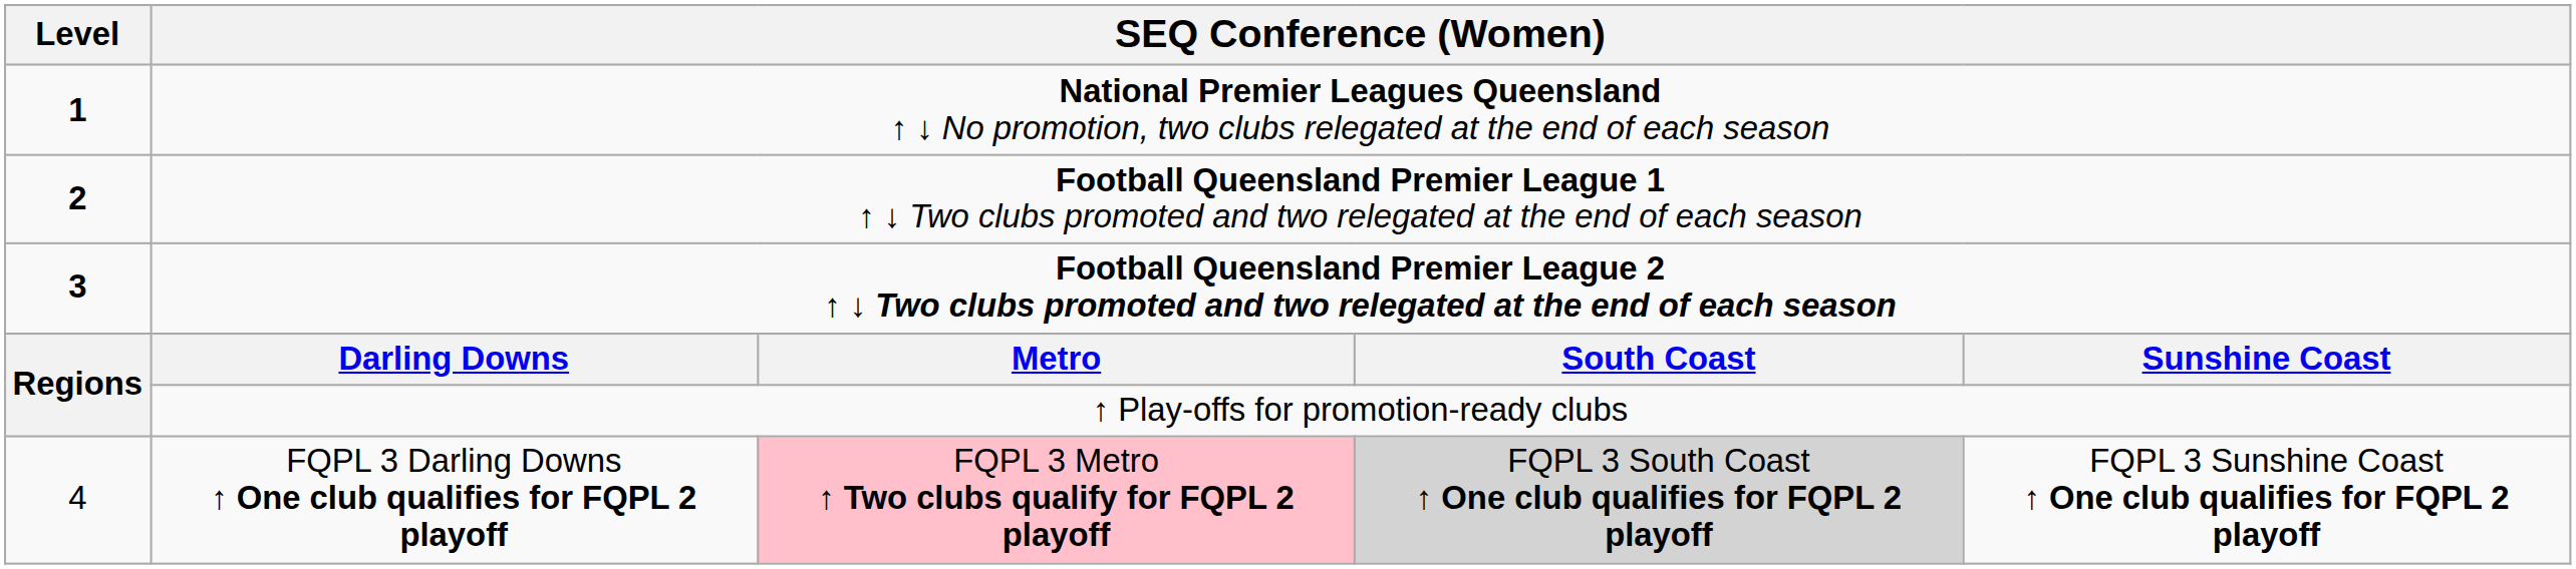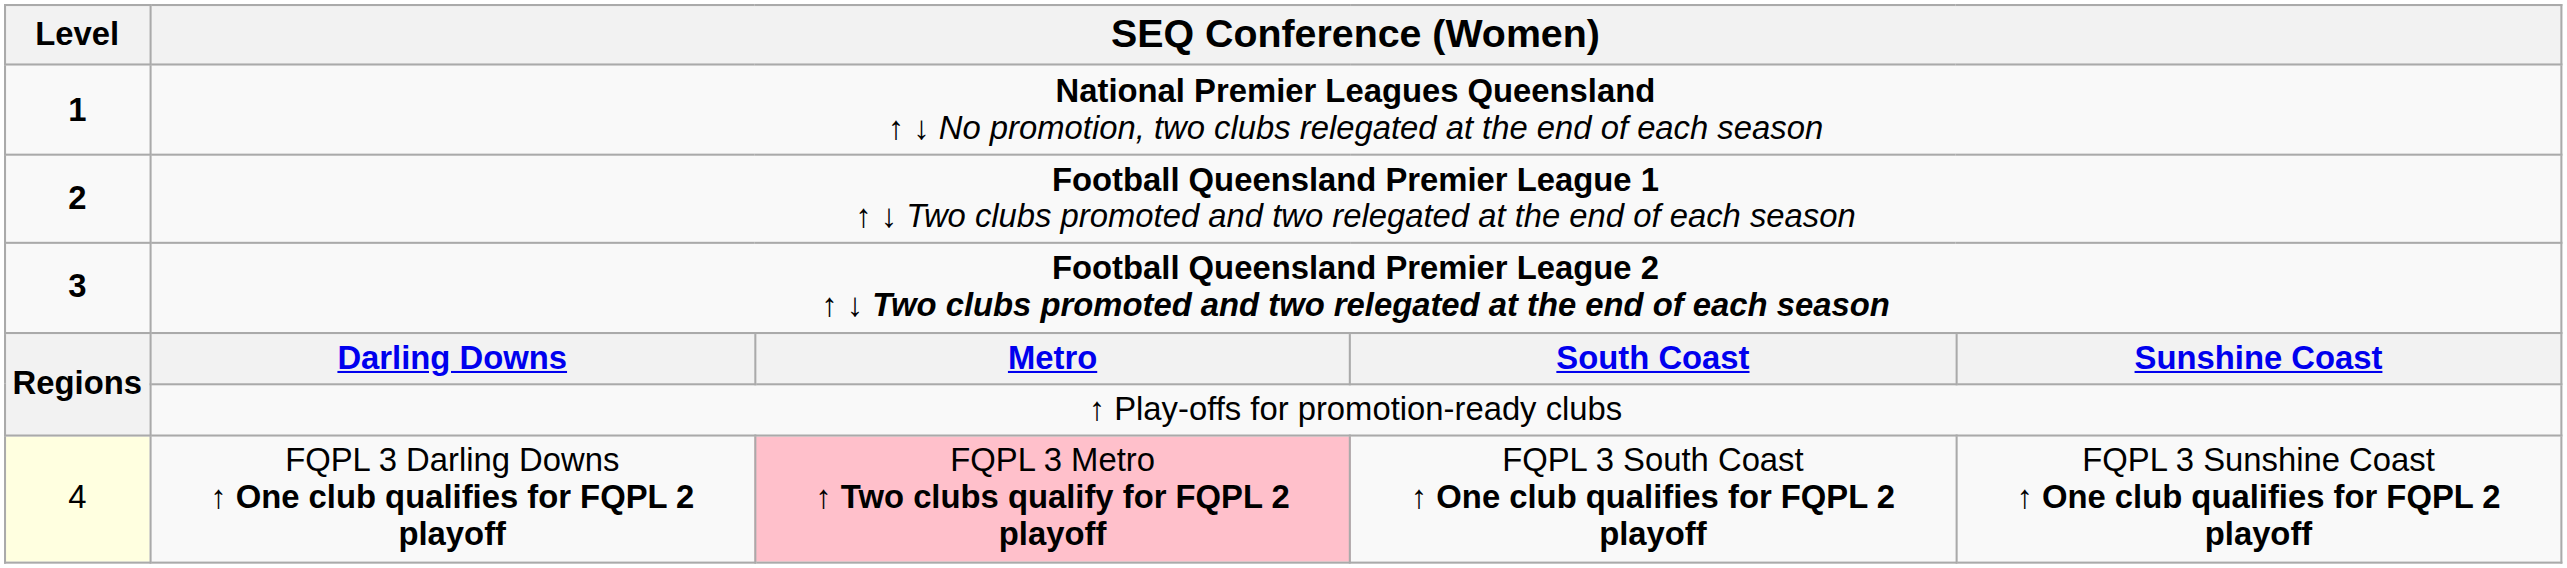 <table class="wikitable" style="text-align: center; width="100%;">
 <tr>
 <th>Level</th>
 <th colspan="4"> <strong><big>SEQ Conference (Women)</big></strong></th>
 </tr>
 <tr>
 <td><strong>1</strong></td>
 <td colspan="4"><strong>National Premier Leagues Queensland</strong><br><em>↑ ↓ No promotion, two clubs relegated at the end of each season</em></td>
 </tr>
 <tr>
 <td><strong>2</strong></td>
 <td colspan="4"><strong>Football Queensland Premier League 1</strong><br><em>↑ ↓ Two clubs promoted and two relegated at the end of each season</em></td>
 </tr>
 <tr>
 <td><strong>3</strong></td>
 <td colspan="4"><strong>Football Queensland Premier League 2<strong><em><br>↑ ↓ Two clubs promoted and two relegated at the end of each season<em></td>
 </tr>
 <tr>
 <th rowspan="2">Regions</th>
 <th></strong><a href='#'>Darling Downs</a><strong></th>
 <th></strong><a href='#'>Metro</a><strong></th>
 <th></strong><a href='#'>South Coast</a><strong></th>
 <th></strong><a href='#'>Sunshine Coast</a><strong></th>
 </tr>
 <tr>
 <td colspan="4"></em>↑ Play-offs for promotion-ready clubs<em></td>
 </tr>
 <tr>
-<td></strong>4<strong></td>
+<td style="background: lightyellow;"></strong>4<strong></td>
 <td></strong>FQPL 3 Darling Downs<strong><br> </em>↑ One club qualifies for FQPL 2 playoff<em></td>
 <td style="background: pink;"></strong>FQPL 3 Metro<strong> <br></em>↑ Two clubs qualify for FQPL 2 playoff<em></td>
-<td style="background: lightgrey;"></strong>FQPL 3 South Coast<strong><br> </em>↑ One club qualifies for FQPL 2 playoff<em></td>
+<td></strong>FQPL 3 South Coast<strong><br> </em>↑ One club qualifies for FQPL 2 playoff<em></td>
 <td></strong>FQPL 3 Sunshine Coast<strong> <br> </em>↑ One club qualifies for FQPL 2 playoff<em></td>
 </tr>
 </table>
